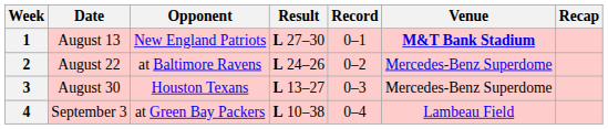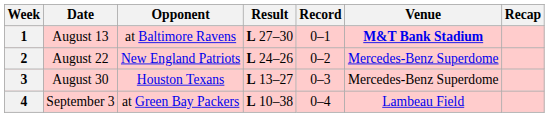 <table class="wikitable" style="text-align:center">
 <tr>
 <th>Week</th>
 <th>Date</th>
 <th>Opponent</th>
 <th>Result</th>
 <th>Record</th>
 <th>Venue</th>
 <th>Recap</th>
 </tr>
 <tr style="background:#fcc">
 <th>1</th>
 <td>August 13</td>
-<td><a href='#'>New England Patriots</a></td>
+<td>at <a href='#'>Baltimore Ravens</a></td>
 <td><strong>L</strong> 27–30</td>
 <td>0–1</td>
 <td><strong><a href='#'>M&T Bank Stadium</a></strong></td>
 <td></td>
 </tr>
 <tr style="background:#fcc">
 <th>2</th>
 <td>August 22</td>
-<td>at <a href='#'>Baltimore Ravens</a></td>
+<td><a href='#'>New England Patriots</a></td>
 <td><strong>L</strong> 24–26</td>
 <td>0–2</td>
 <td><a href='#'>Mercedes-Benz Superdome</a></td>
 <td></td>
 </tr>
 <tr style="background:#fcc">
 <th>3</th>
 <td>August 30</td>
 <td><a href='#'>Houston Texans</a></td>
 <td><strong>L</strong> 13–27</td>
 <td>0–3</td>
 <td>Mercedes-Benz Superdome</td>
 <td></td>
 </tr>
 <tr style="background:#fcc">
 <th>4</th>
 <td>September 3</td>
 <td>at <a href='#'>Green Bay Packers</a></td>
 <td><strong>L</strong> 10–38</td>
 <td>0–4</td>
 <td><a href='#'>Lambeau Field</a></td>
 <td></td>
 </tr>
 </table>
